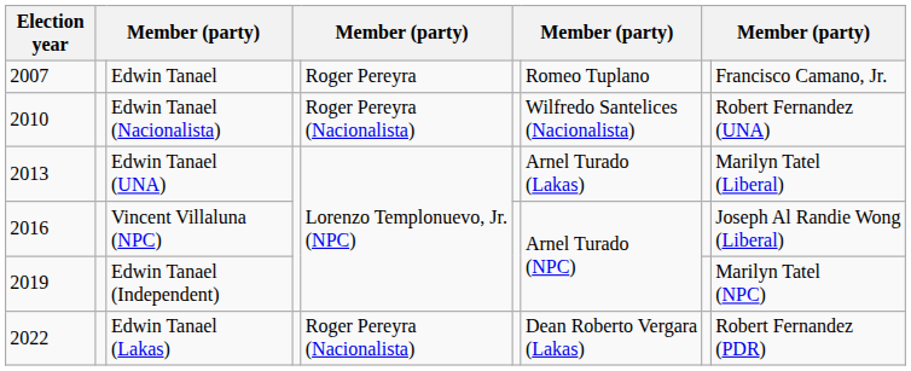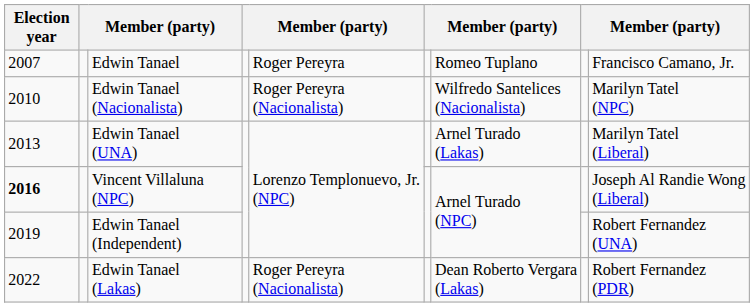 <table class=wikitable style="font-size:90%">
 <tr>
 <th width=60px>Election<br>year</th>
 <th colspan=2 width=140px>Member (party)</th>
 <th colspan="2">Member (party)</th>
 <th colspan="2">Member (party)</th>
 <th colspan="2">Member (party)</th>
 </tr>
 <tr>
 <td>2007</td>
 <td></td>
 <td>Edwin Tanael</td>
 <td></td>
 <td>Roger Pereyra</td>
 <td></td>
 <td>Romeo Tuplano</td>
 <td></td>
 <td>Francisco Camano, Jr.</td>
 </tr>
 <tr>
 <td>2010</td>
 <td></td>
 <td>Edwin Tanael<br>(<a href='#'>Nacionalista</a>)</td>
 <td></td>
 <td>Roger Pereyra<br>(<a href='#'>Nacionalista</a>)</td>
 <td></td>
 <td>Wilfredo Santelices<br>(<a href='#'>Nacionalista</a>)</td>
 <td></td>
-<td>Robert Fernandez<br>(<a href='#'>UNA</a>)</td>
+<td>Marilyn Tatel<br>(<a href='#'>NPC</a>)</td>
 </tr>
 <tr>
 <td>2013</td>
 <td></td>
 <td>Edwin Tanael<br>(<a href='#'>UNA</a>)</td>
 <td rowspan=3></td>
 <td rowspan=3>Lorenzo Templonuevo, Jr.<br>(<a href='#'>NPC</a>)</td>
 <td></td>
 <td>Arnel Turado<br>(<a href='#'>Lakas</a>)</td>
 <td></td>
 <td>Marilyn Tatel<br>(<a href='#'>Liberal</a>)</td>
 </tr>
 <tr>
-<td>2016</td>
+<td><strong>2016</strong></td>
 <td></td>
 <td>Vincent Villaluna<br>(<a href='#'>NPC</a>)</td>
 <td rowspan=2></td>
 <td rowspan=2>Arnel Turado<br>(<a href='#'>NPC</a>)</td>
 <td></td>
 <td>Joseph Al Randie Wong<br>(<a href='#'>Liberal</a>)</td>
 </tr>
 <tr>
 <td>2019</td>
 <td></td>
 <td>Edwin Tanael<br>(Independent)</td>
 <td></td>
-<td>Marilyn Tatel<br>(<a href='#'>NPC</a>)</td>
+<td>Robert Fernandez<br>(<a href='#'>UNA</a>)</td>
 </tr>
 <tr>
 <td>2022</td>
 <td></td>
 <td>Edwin Tanael<br>(<a href='#'>Lakas</a>)</td>
 <td></td>
 <td>Roger Pereyra<br>(<a href='#'>Nacionalista</a>)</td>
 <td></td>
 <td>Dean Roberto Vergara<br>(<a href='#'>Lakas</a>)</td>
 <td></td>
 <td>Robert Fernandez<br>(<a href='#'>PDR</a>)</td>
 </tr>
 </table>
